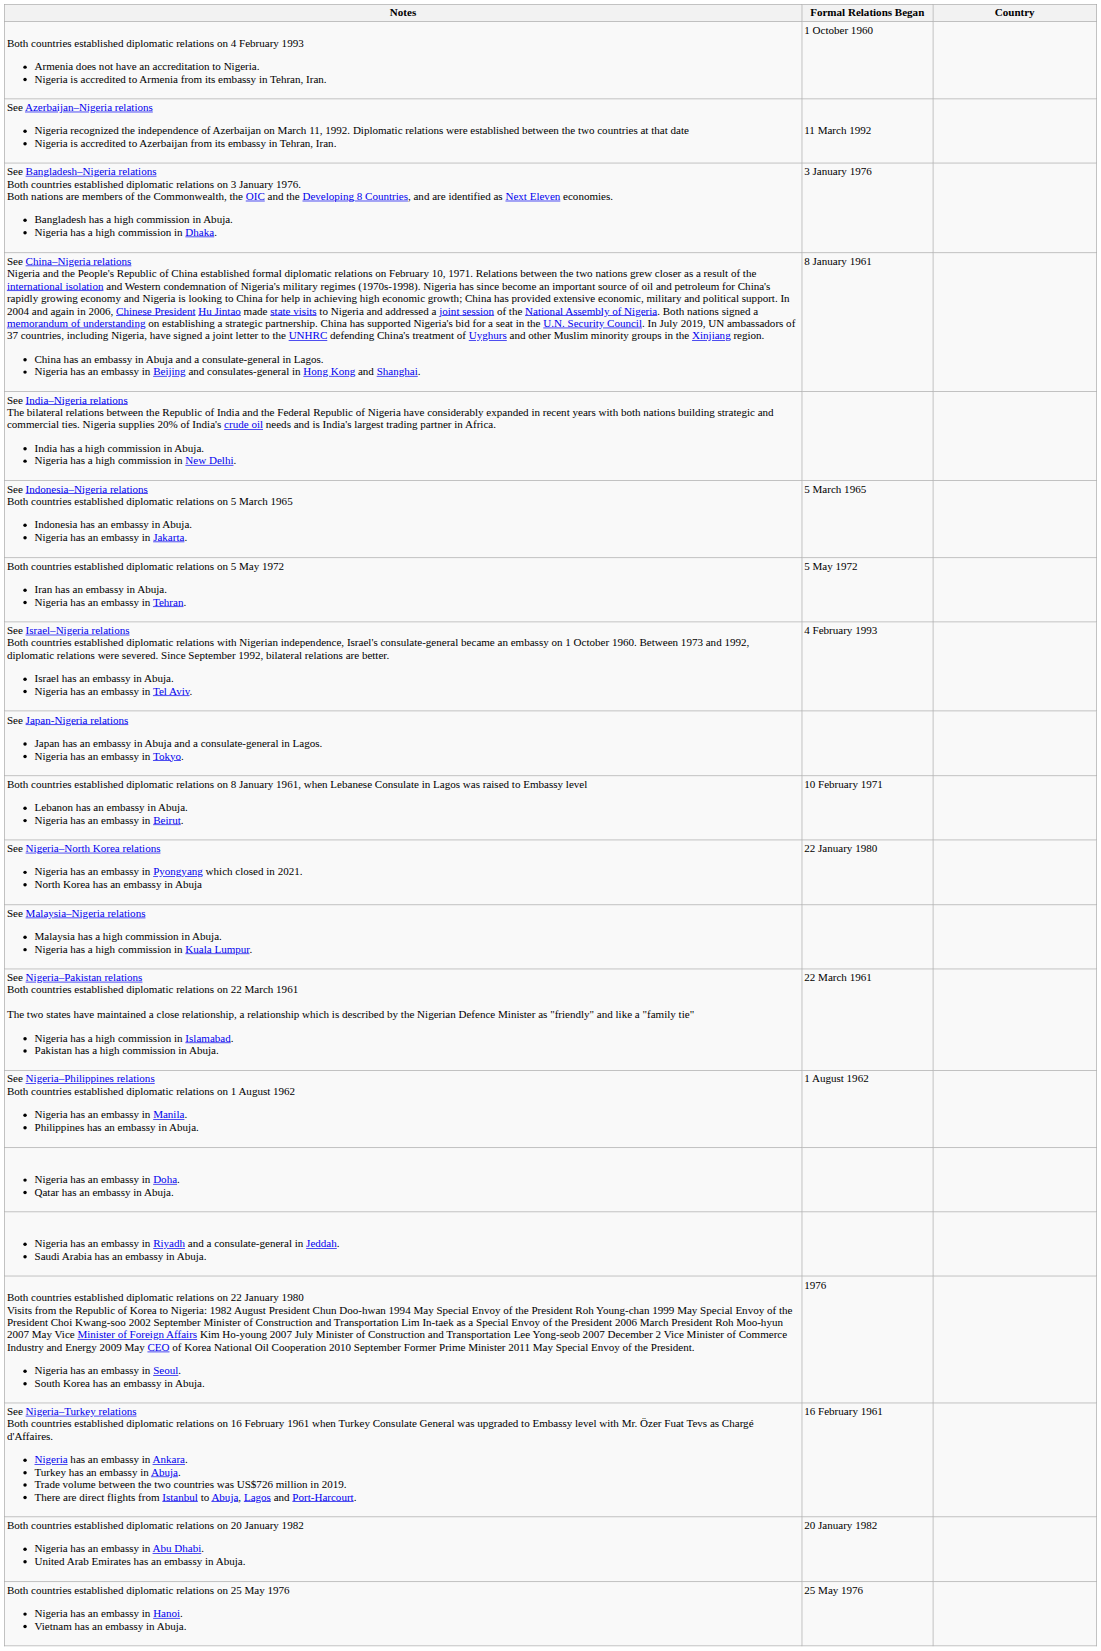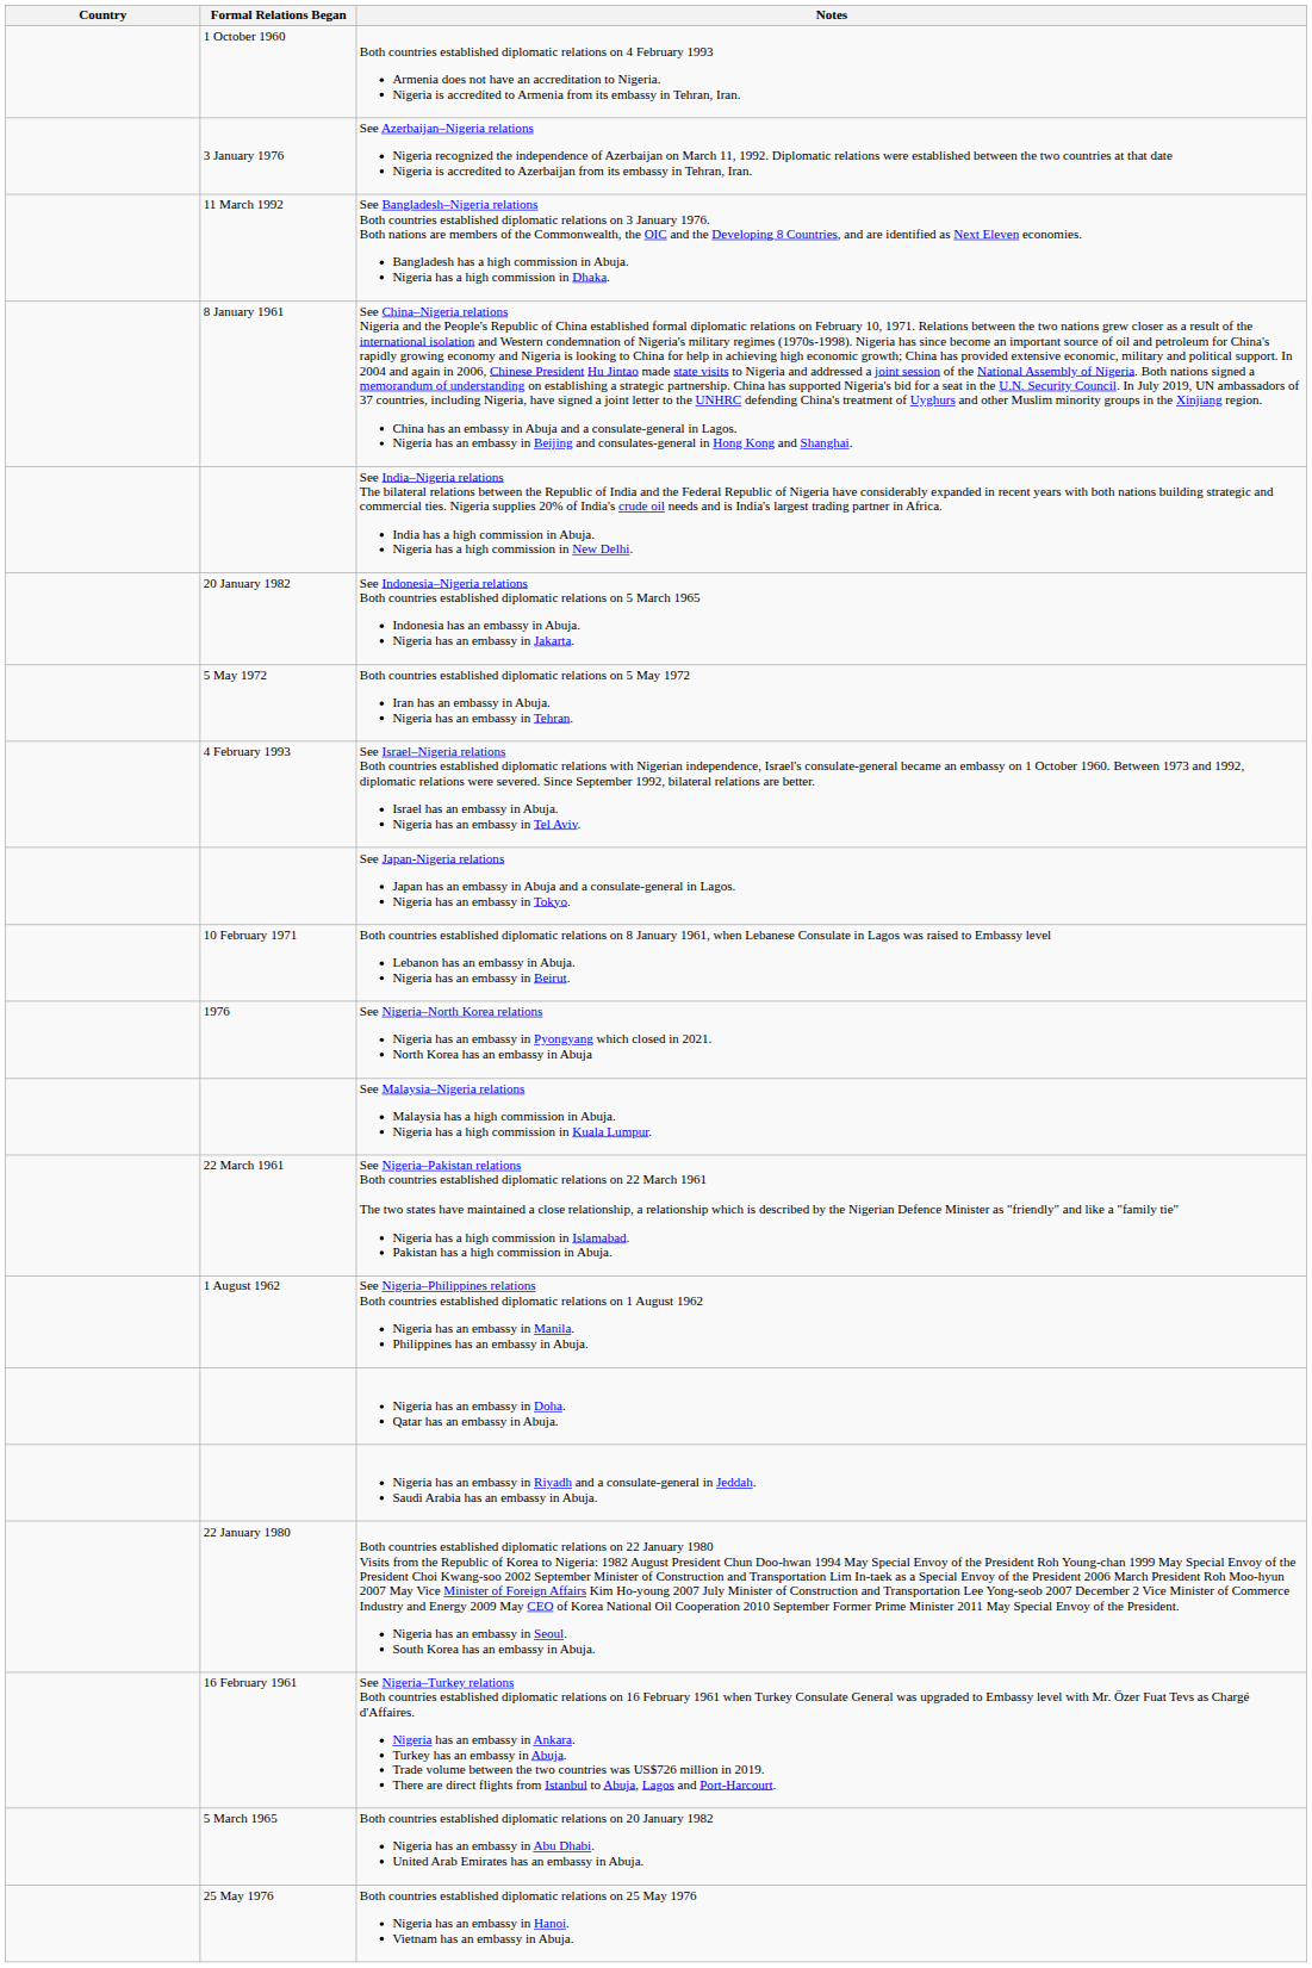 <table class="wikitable sortable" style="width:100%; margin:auto;">
 <tr>
+<th style="width:15%;">Country</th>
+<th style="width:12%;">Formal Relations Began</th>
 <th>Notes</th>
-<th style="width:12%;">Formal Relations Began</th>
-<th style="width:15%;">Country</th>
 </tr>
 <tr valign="top">
+<td></td>
+<td>1 October 1960</td>
 <td><br>Both countries established diplomatic relations on 4 February 1993<ul><li>Armenia does not have an accreditation to Nigeria.</li><li>Nigeria is accredited to Armenia from its embassy in Tehran, Iran.</li></ul></td>
-<td>1 October 1960</td>
-<td></td>
 </tr>
 <tr>
+<td></td>
+<td>3 January 1976</td>
 <td>See <a href='#'>Azerbaijan–Nigeria relations</a><br><ul><li>Nigeria recognized the independence of Azerbaijan on March 11, 1992. Diplomatic relations were established between the two countries at that date</li><li>Nigeria is accredited to Azerbaijan from its embassy in Tehran, Iran.</li></ul></td>
-<td>11 March 1992</td>
-<td></td>
 </tr>
 <tr valign="top">
+<td></td>
+<td>11 March 1992</td>
 <td>See <a href='#'>Bangladesh–Nigeria relations</a><br>Both countries established diplomatic relations on 3 January 1976.<br>Both nations are members of the Commonwealth, the <a href='#'>OIC</a> and the <a href='#'>Developing 8 Countries</a>, and are identified as <a href='#'>Next Eleven</a> economies.<ul><li>Bangladesh has a high commission in Abuja.</li><li>Nigeria has a high commission in <a href='#'>Dhaka</a>.</li></ul></td>
-<td>3 January 1976</td>
-<td></td>
 </tr>
 <tr valign="top">
+<td></td>
+<td>8 January 1961</td>
 <td>See <a href='#'>China–Nigeria relations</a><br>Nigeria and the People's Republic of China established formal diplomatic relations on February 10, 1971. Relations between the two nations grew closer as a result of the <a href='#'>international isolation</a> and Western condemnation of Nigeria's military regimes (1970s-1998). Nigeria has since become an important source of oil and petroleum for China's rapidly growing economy and Nigeria is looking to China for help in achieving high economic growth; China has provided extensive economic, military and political support. In 2004 and again in 2006, <a href='#'>Chinese President</a> <a href='#'>Hu Jintao</a> made <a href='#'>state visits</a> to Nigeria and addressed a <a href='#'>joint session</a> of the <a href='#'>National Assembly of Nigeria</a>. Both nations signed a <a href='#'>memorandum of understanding</a> on establishing a strategic partnership. China has supported Nigeria's bid for a seat in the <a href='#'>U.N. Security Council</a>. In July 2019, UN ambassadors of 37 countries, including Nigeria, have signed a joint letter to the <a href='#'>UNHRC</a> defending China's treatment of <a href='#'>Uyghurs</a> and other Muslim minority groups in the <a href='#'>Xinjiang</a> region.<ul><li>China has an embassy in Abuja and a consulate-general in Lagos.</li><li>Nigeria has an embassy in <a href='#'>Beijing</a> and consulates-general in <a href='#'>Hong Kong</a> and <a href='#'>Shanghai</a>.</li></ul></td>
-<td>8 January 1961</td>
-<td></td>
 </tr>
 <tr valign="top">
-<td>See <a href='#'>India–Nigeria relations</a><br>The bilateral relations between the Republic of India and the Federal Republic of Nigeria have considerably expanded in recent years with both nations building strategic and commercial ties. Nigeria supplies 20% of India's <a href='#'>crude oil</a> needs and is India's largest trading partner in Africa.<ul><li>India has a high commission in Abuja.</li><li>Nigeria has a high commission in <a href='#'>New Delhi</a>.</li></ul></td>
 <td></td>
 <td></td>
+<td>See <a href='#'>India–Nigeria relations</a><br>The bilateral relations between the Republic of India and the Federal Republic of Nigeria have considerably expanded in recent years with both nations building strategic and commercial ties. Nigeria supplies 20% of India's <a href='#'>crude oil</a> needs and is India's largest trading partner in Africa.<ul><li>India has a high commission in Abuja.</li><li>Nigeria has a high commission in <a href='#'>New Delhi</a>.</li></ul></td>
 </tr>
 <tr valign="top">
+<td></td>
+<td>20 January 1982</td>
 <td>See <a href='#'>Indonesia–Nigeria relations</a><br>Both countries established diplomatic relations on 5 March 1965<ul><li>Indonesia has an embassy in Abuja.</li><li>Nigeria has an embassy in <a href='#'>Jakarta</a>.</li></ul></td>
-<td>5 March 1965</td>
-<td></td>
 </tr>
 <tr valign="top">
+<td></td>
+<td>5 May 1972</td>
 <td>Both countries established diplomatic relations on 5 May 1972<br><ul><li>Iran has an embassy in Abuja.</li><li>Nigeria has an embassy in <a href='#'>Tehran</a>.</li></ul></td>
-<td>5 May 1972</td>
-<td></td>
 </tr>
 <tr valign="top">
+<td></td>
+<td>4 February 1993</td>
 <td>See <a href='#'>Israel–Nigeria relations</a><br>Both countries established diplomatic relations with Nigerian independence, Israel's consulate-general became an embassy on 1 October 1960. Between 1973 and 1992, diplomatic relations were severed. Since September 1992, bilateral relations are better.<ul><li>Israel has an embassy in Abuja.</li><li>Nigeria has an embassy in <a href='#'>Tel Aviv</a>.</li></ul></td>
-<td>4 February 1993</td>
-<td></td>
 </tr>
 <tr valign="top">
-<td>See <a href='#'>Japan-Nigeria relations</a><br><ul><li>Japan has an embassy in Abuja and a consulate-general in Lagos.</li><li>Nigeria has an embassy in <a href='#'>Tokyo</a>.</li></ul></td>
 <td></td>
 <td></td>
+<td>See <a href='#'>Japan-Nigeria relations</a><br><ul><li>Japan has an embassy in Abuja and a consulate-general in Lagos.</li><li>Nigeria has an embassy in <a href='#'>Tokyo</a>.</li></ul></td>
 </tr>
 <tr valign="top">
+<td></td>
+<td>10 February 1971</td>
 <td>Both countries established diplomatic relations on 8 January 1961, when Lebanese Consulate in Lagos was raised to Embassy level<br><ul><li>Lebanon has an embassy in Abuja.</li><li>Nigeria has an embassy in <a href='#'>Beirut</a>.</li></ul></td>
-<td>10 February 1971</td>
-<td></td>
 </tr>
 <tr valign="top">
+<td></td>
+<td>1976</td>
 <td>See <a href='#'>Nigeria–North Korea relations</a><br><ul><li>Nigeria has an embassy in <a href='#'>Pyongyang</a> which closed in 2021.</li><li>North Korea has an embassy in Abuja</li></ul></td>
-<td>22 January 1980</td>
-<td></td>
 </tr>
 <tr valign="top">
-<td>See <a href='#'>Malaysia–Nigeria relations</a><br><ul><li>Malaysia has a high commission in Abuja.</li><li>Nigeria has a high commission in <a href='#'>Kuala Lumpur</a>.</li></ul></td>
 <td></td>
 <td></td>
+<td>See <a href='#'>Malaysia–Nigeria relations</a><br><ul><li>Malaysia has a high commission in Abuja.</li><li>Nigeria has a high commission in <a href='#'>Kuala Lumpur</a>.</li></ul></td>
 </tr>
 <tr valign="top">
+<td></td>
+<td>22 March 1961</td>
 <td>See <a href='#'>Nigeria–Pakistan relations</a><br>Both countries established diplomatic relations on 22 March 1961<br><br>The two states have maintained a close relationship, a relationship which is described by the Nigerian Defence Minister as "friendly" and like a "family tie"<ul><li>Nigeria has a high commission in <a href='#'>Islamabad</a>.</li><li>Pakistan has a high commission in Abuja.</li></ul></td>
-<td>22 March 1961</td>
-<td></td>
 </tr>
 <tr valign="top">
+<td></td>
+<td>1 August 1962</td>
 <td>See <a href='#'>Nigeria–Philippines relations</a><br>Both countries established diplomatic relations on 1 August 1962<ul><li>Nigeria has an embassy in <a href='#'>Manila</a>.</li><li>Philippines has an embassy in Abuja.</li></ul></td>
-<td>1 August 1962</td>
-<td></td>
 </tr>
 <tr valign="top">
-<td><br><ul><li>Nigeria has an embassy in <a href='#'>Doha</a>.</li><li>Qatar has an embassy in Abuja.</li></ul></td>
 <td></td>
 <td></td>
+<td><br><ul><li>Nigeria has an embassy in <a href='#'>Doha</a>.</li><li>Qatar has an embassy in Abuja.</li></ul></td>
 </tr>
 <tr valign="top">
-<td><br><ul><li>Nigeria has an embassy in <a href='#'>Riyadh</a> and a consulate-general in <a href='#'>Jeddah</a>.</li><li>Saudi Arabia has an embassy in Abuja.</li></ul></td>
 <td></td>
 <td></td>
+<td><br><ul><li>Nigeria has an embassy in <a href='#'>Riyadh</a> and a consulate-general in <a href='#'>Jeddah</a>.</li><li>Saudi Arabia has an embassy in Abuja.</li></ul></td>
 </tr>
 <tr valign="top">
+<td></td>
+<td>22 January 1980</td>
 <td><br>Both countries established diplomatic relations on 22 January 1980<br>Visits from the Republic of Korea to Nigeria: 1982 August President Chun Doo-hwan 1994 May Special Envoy of the President Roh Young-chan 1999 May Special Envoy of the President Choi Kwang-soo 2002 September Minister of Construction and Transportation Lim In-taek as a Special Envoy of the President 2006 March President Roh Moo-hyun 2007 May Vice <a href='#'>Minister of Foreign Affairs</a> Kim Ho-young 2007 July Minister of Construction and Transportation Lee Yong-seob 2007 December 2 Vice Minister of Commerce Industry and Energy 2009 May <a href='#'>CEO</a> of Korea National Oil Cooperation 2010 September Former Prime Minister 2011 May Special Envoy of the President.<ul><li>Nigeria has an embassy in <a href='#'>Seoul</a>.</li><li>South Korea has an embassy in Abuja.</li></ul></td>
-<td>1976</td>
-<td></td>
 </tr>
 <tr valign="top">
+<td></td>
+<td>16 February 1961</td>
 <td>See <a href='#'>Nigeria–Turkey relations</a><br>Both countries established diplomatic relations on 16 February 1961 when Turkey Consulate General was upgraded to Embassy level with Mr. Özer Fuat Tevs as Chargé d'Affaires.<ul><li><a href='#'>Nigeria</a> has an embassy in <a href='#'>Ankara</a>.</li><li>Turkey has an embassy in <a href='#'>Abuja</a>.</li><li>Trade volume between the two countries was US$726 million in 2019.</li><li>There are direct flights from <a href='#'>Istanbul</a> to <a href='#'>Abuja</a>, <a href='#'>Lagos</a> and <a href='#'>Port-Harcourt</a>.</li></ul></td>
-<td>16 February 1961</td>
-<td></td>
 </tr>
 <tr valign="top">
+<td></td>
+<td>5 March 1965</td>
 <td>Both countries established diplomatic relations on 20 January 1982<br><ul><li>Nigeria has an embassy in <a href='#'>Abu Dhabi</a>.</li><li>United Arab Emirates has an embassy in Abuja.</li></ul></td>
-<td>20 January 1982</td>
-<td></td>
 </tr>
 <tr valign="top">
+<td></td>
+<td>25 May 1976</td>
 <td>Both countries established diplomatic relations on 25 May 1976<br><ul><li>Nigeria has an embassy in <a href='#'>Hanoi</a>.</li><li>Vietnam has an embassy in Abuja.</li></ul></td>
-<td>25 May 1976</td>
-<td></td>
 </tr>
 </table>
